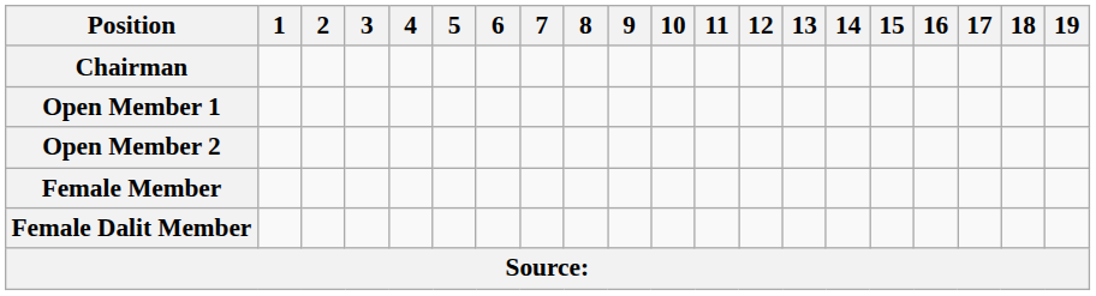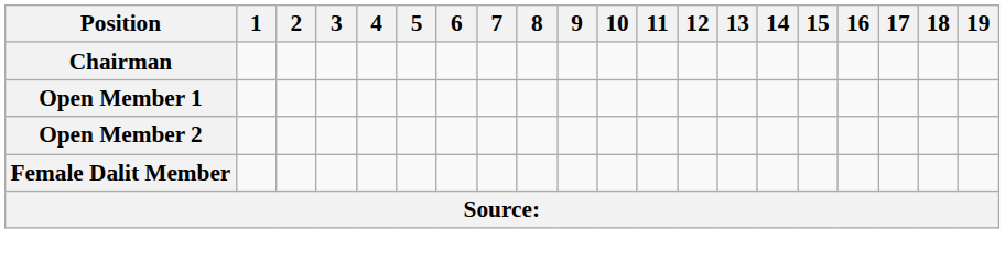 <table class="wikitable">
 <tr>
 <th>Position</th>
 <th width="20px">1</th>
 <th width="20px">2</th>
 <th width="20px">3</th>
 <th width="20px">4</th>
 <th width="20px">5</th>
 <th width="20px">6</th>
 <th width="20px">7</th>
 <th width="20px">8</th>
 <th width="20px">9</th>
 <th width="20px">10</th>
 <th width="20px">11</th>
 <th width="20px">12</th>
 <th width="20px">13</th>
 <th width="20px">14</th>
 <th width="20px">15</th>
 <th width="20px">16</th>
 <th width="20px">17</th>
 <th width="20px">18</th>
 <th width="20px">19</th>
 </tr>
 <tr>
 <th>Chairman</th>
 <td style="background-color:"></td>
 <td style="background-color:"></td>
 <td style="background-color:"></td>
 <td style="background-color:"></td>
 <td style="background-color:"></td>
 <td style="background-color:"></td>
 <td style="background-color:"></td>
 <td style="background-color:"></td>
 <td style="background-color:"></td>
 <td style="background-color:"></td>
 <td style="background-color:"></td>
 <td style="background-color:"></td>
 <td style="background-color:"></td>
 <td style="background-color:"></td>
 <td style="background-color:"></td>
 <td style="background-color:"></td>
 <td style="background-color:"></td>
 <td style="background-color:"></td>
 <td style="background-color:"></td>
 </tr>
 <tr>
 <th>Open Member 1</th>
 <td style="background-color:"></td>
 <td style="background-color:"></td>
 <td style="background-color:"></td>
 <td style="background-color:"></td>
 <td style="background-color:"></td>
 <td style="background-color:"></td>
 <td style="background-color:"></td>
 <td style="background-color:"></td>
 <td style="background-color:"></td>
 <td style="background-color:"></td>
 <td style="background-color:"></td>
 <td style="background-color:"></td>
 <td style="background-color:"></td>
 <td style="background-color:"></td>
 <td style="background-color:"></td>
 <td style="background-color:"></td>
 <td style="background-color:"></td>
 <td style="background-color:"></td>
 <td style="background-color:"></td>
 </tr>
 <tr>
 <th>Open Member 2</th>
 <td style="background-color:"></td>
 <td style="background-color:"></td>
 <td style="background-color:"></td>
 <td style="background-color:"></td>
 <td style="background-color:"></td>
 <td style="background-color:"></td>
 <td style="background-color:"></td>
 <td style="background-color:"></td>
 <td style="background-color:"></td>
 <td style="background-color:"></td>
 <td style="background-color:"></td>
 <td style="background-color:"></td>
 <td style="background-color:"></td>
 <td style="background-color:"></td>
 <td style="background-color:"></td>
 <td style="background-color:"></td>
 <td style="background-color:"></td>
 <td style="background-color:"></td>
 <td style="background-color:"></td>
 </tr>
 <tr>
-<th>Female Member</th>
-<td style="background-color:"></td>
-<td style="background-color:"></td>
-<td style="background-color:"></td>
-<td style="background-color:"></td>
-<td style="background-color:"></td>
-<td style="background-color:"></td>
-<td style="background-color:"></td>
-<td style="background-color:"></td>
-<td style="background-color:"></td>
-<td style="background-color:"></td>
-<td style="background-color:"></td>
-<td style="background-color:"></td>
-<td style="background-color:"></td>
-<td style="background-color:"></td>
-<td style="background-color:"></td>
-<td style="background-color:"></td>
-<td style="background-color:"></td>
-<td style="background-color:"></td>
-<td style="background-color:"></td>
-</tr>
-<tr>
 <th>Female Dalit Member</th>
 <td style="background-color:"></td>
 <td style="background-color:"></td>
 <td style="background-color:"></td>
 <td style="background-color:"></td>
 <td style="background-color:"></td>
 <td style="background-color:"></td>
 <td style="background-color:"></td>
 <td style="background-color:"></td>
 <td style="background-color:"></td>
 <td style="background-color:"></td>
 <td style="background-color:"></td>
 <td style="background-color:"></td>
 <td style="background-color:"></td>
 <td style="background-color:"></td>
 <td style="background-color:"></td>
 <td style="background-color:"></td>
 <td style="background-color:"></td>
 <td style="background-color:"></td>
 <td style="background-color:"></td>
 </tr>
 <tr>
 <th colspan="20">Source: </th>
 </tr>
 </table>
